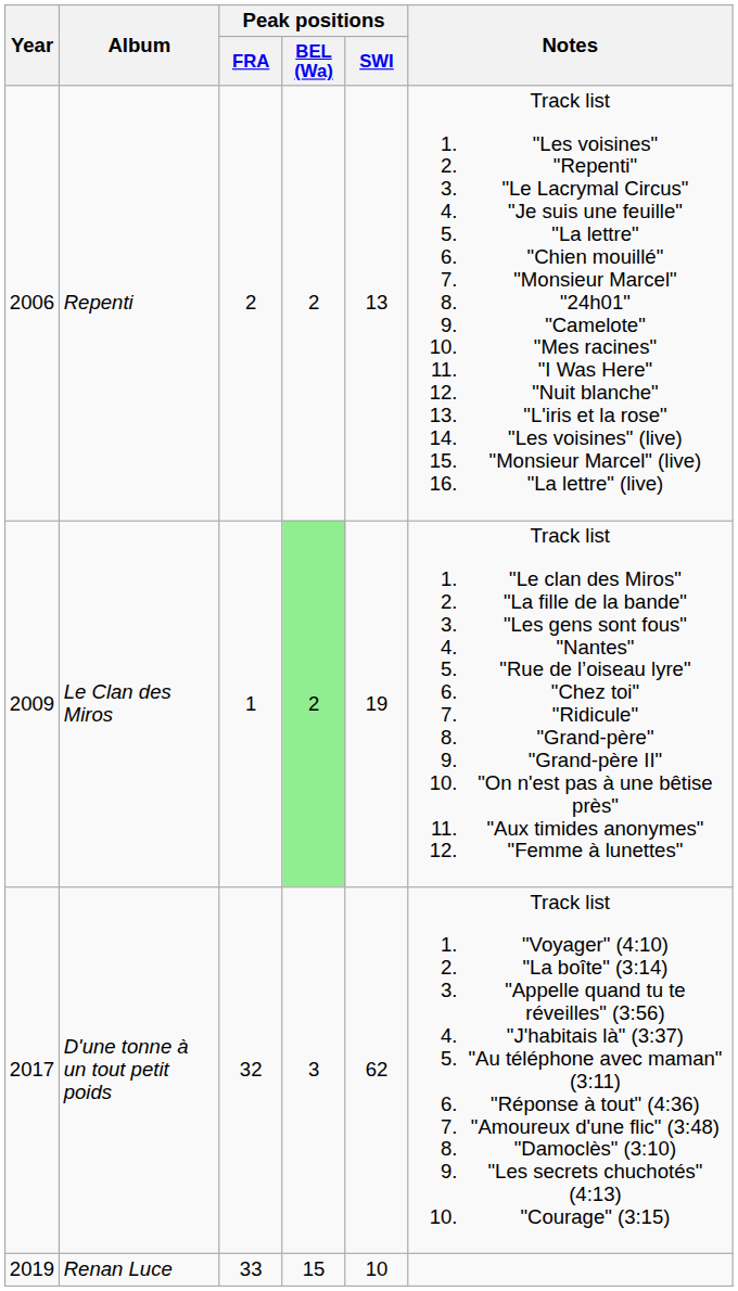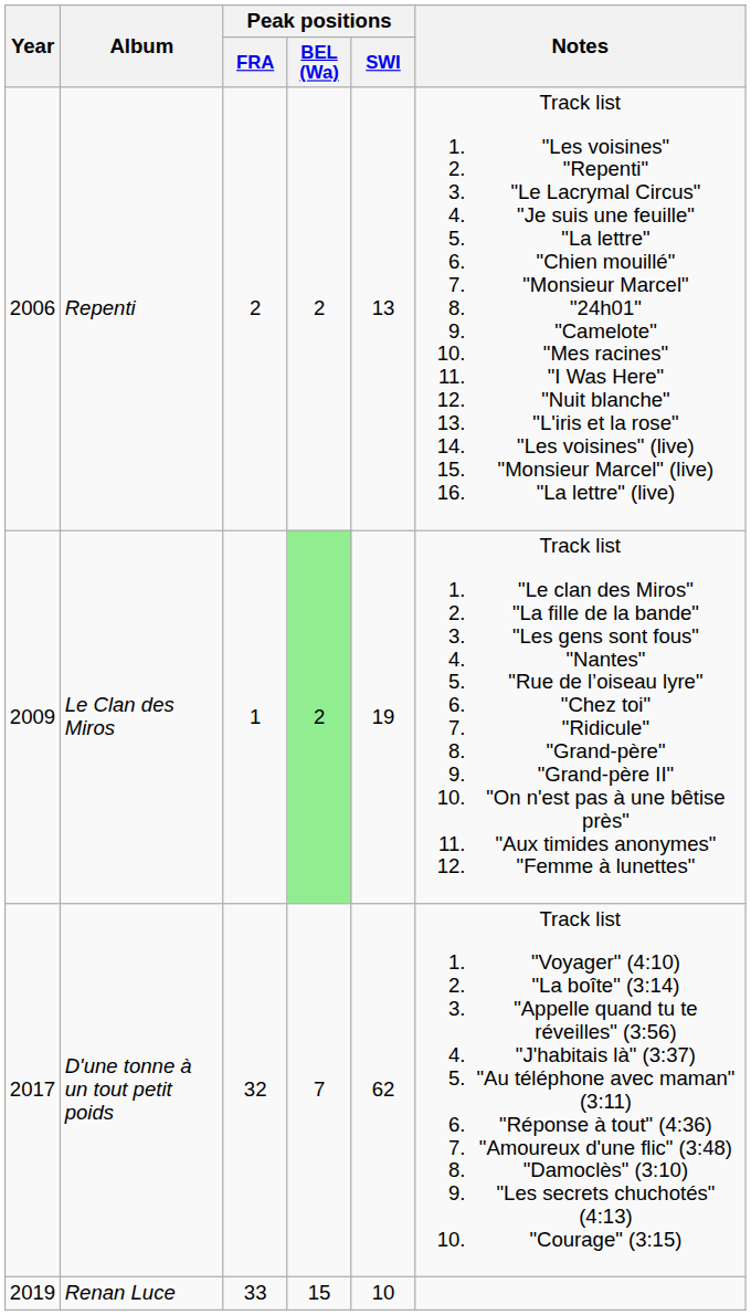 <table class="wikitable">
 <tr>
 <th align="center" rowspan="2" width="10">Year</th>
 <th align="center" rowspan="2" width="120">Album</th>
 <th align="center" colspan="3" width="20">Peak positions</th>
 <th align="center" rowspan="2" width="250">Notes</th>
 </tr>
 <tr>
 <th scope="col" style="width:3em;font-size:90%;"><a href='#'>FRA</a><br></th>
 <th scope="col" style="width:3em;font-size:90%;"><a href='#'>BEL<br>(Wa)</a><br></th>
 <th scope="col" style="width:3em;font-size:90%;"><a href='#'>SWI</a><br></th>
 </tr>
 <tr>
 <td style="text-align:center;">2006</td>
 <td><em>Repenti</em></td>
 <td style="text-align:center;">2</td>
 <td style="text-align:center;">2</td>
 <td style="text-align:center;">13</td>
 <td style="text-align:center;">Track list<br><ol><li>"Les voisines"</li><li>"Repenti"</li><li>"Le Lacrymal Circus"</li><li>"Je suis une feuille"</li><li>"La lettre"</li><li>"Chien mouillé"</li><li>"Monsieur Marcel"</li><li>"24h01"</li><li>"Camelote"</li><li>"Mes racines"</li><li>"I Was Here"</li><li>"Nuit blanche"</li><li>"L'iris et la rose"</li><li>"Les voisines" (live)</li><li>"Monsieur Marcel" (live)</li><li>"La lettre" (live)</li></ol></td>
 </tr>
 <tr>
 <td style="text-align:center;">2009</td>
 <td><em>Le Clan des Miros</em></td>
 <td style="text-align:center;">1</td>
 <td style="background: lightgreen; text-align:center;">2</td>
 <td style="text-align:center;">19</td>
 <td style="text-align:center;">Track list<br><ol><li>"Le clan des Miros"</li><li>"La fille de la bande"</li><li>"Les gens sont fous"</li><li>"Nantes"</li><li>"Rue de l’oiseau lyre"</li><li>"Chez toi"</li><li>"Ridicule"</li><li>"Grand-père"</li><li>"Grand-père II"</li><li>"On n'est pas à une bêtise près"</li><li>"Aux timides anonymes"</li><li>"Femme à lunettes"</li></ol></td>
 </tr>
 <tr>
 <td style="text-align:center;">2017</td>
 <td><em>D'une tonne à un tout petit poids</em></td>
 <td style="text-align:center;">32</td>
-<td style="text-align:center;">3</td>
+<td style="text-align:center;">7</td>
 <td style="text-align:center;">62</td>
 <td style="text-align:center;">Track list<br><ol><li>"Voyager" (4:10)</li><li>"La boîte" (3:14)</li><li>"Appelle quand tu te réveilles" (3:56)</li><li>"J'habitais là" (3:37)</li><li>"Au téléphone avec maman" (3:11)</li><li>"Réponse à tout" (4:36)</li><li>"Amoureux d'une flic" (3:48)</li><li>"Damoclès" (3:10)</li><li>"Les secrets chuchotés" (4:13)</li><li>"Courage" (3:15)</li></ol></td>
 </tr>
 <tr>
 <td style="text-align:center;">2019</td>
 <td><em>Renan Luce</em></td>
 <td style="text-align:center;">33<br></td>
 <td style="text-align:center;">15</td>
 <td style="text-align:center;">10</td>
 <td style="text-align:center;"></td>
 </tr>
 </table>
